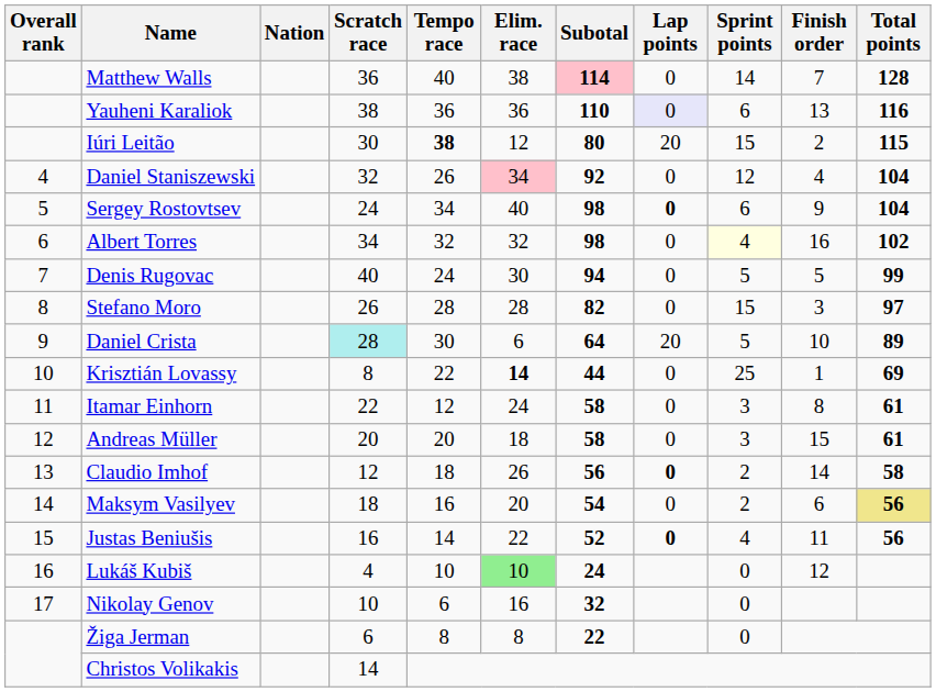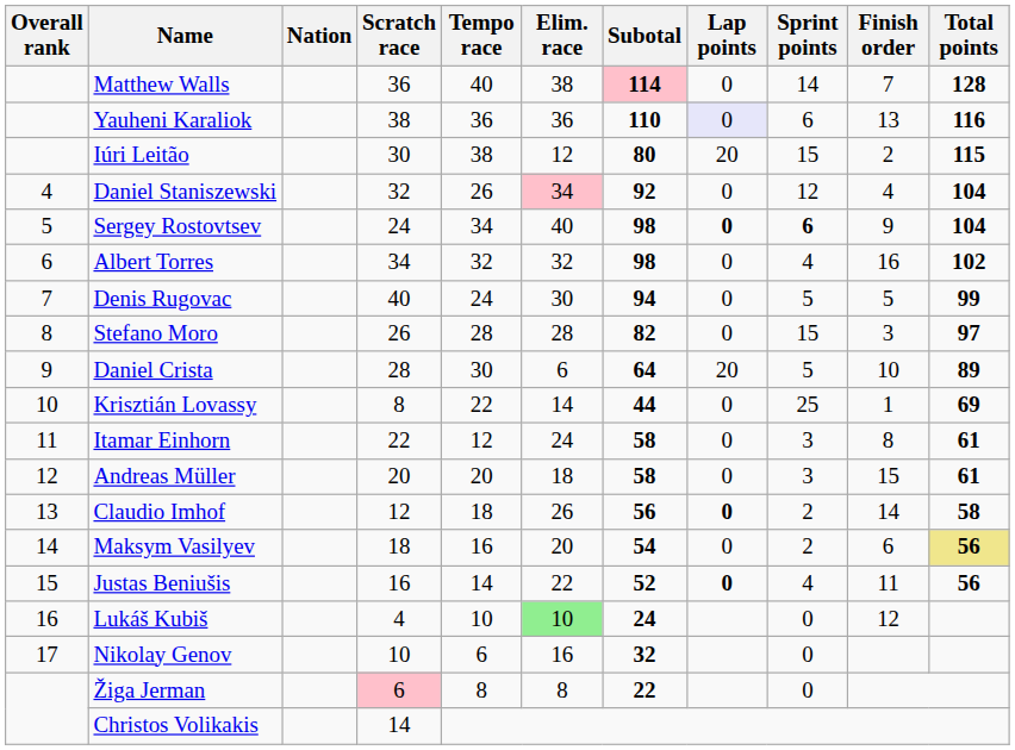 <table class="wikitable sortable" style="text-align:center">
 <tr>
 <th width=50>Overall rank</th>
 <th>Name</th>
 <th>Nation</th>
 <th width=50>Scratch race</th>
 <th width=50>Tempo race</th>
 <th width=50>Elim. race</th>
 <th width=50>Subotal</th>
 <th width=50>Lap points</th>
 <th width=50>Sprint points</th>
 <th width=50>Finish order</th>
 <th width=50>Total points</th>
 </tr>
 <tr>
 <td></td>
 <td align=left><a href='#'>Matthew Walls</a></td>
 <td align=left></td>
 <td>36</td>
 <td>40</td>
 <td>38</td>
 <td style="background: pink;"><strong>114</strong></td>
 <td>0</td>
 <td>14</td>
 <td>7</td>
 <td><strong>128</strong></td>
 </tr>
 <tr>
 <td></td>
 <td align=left><a href='#'>Yauheni Karaliok</a></td>
 <td align=left></td>
 <td>38</td>
 <td>36</td>
 <td>36</td>
 <td><strong>110</strong></td>
 <td style="background: lavender;">0</td>
 <td>6</td>
 <td>13</td>
 <td><strong>116</strong></td>
 </tr>
 <tr>
 <td></td>
 <td align=left><a href='#'>Iúri Leitão</a></td>
 <td align=left></td>
 <td>30</td>
-<td><strong>38</strong></td>
+<td>38</td>
 <td>12</td>
 <td><strong>80</strong></td>
 <td>20</td>
 <td>15</td>
 <td>2</td>
 <td><strong>115</strong></td>
 </tr>
 <tr>
 <td>4</td>
 <td align=left><a href='#'>Daniel Staniszewski</a></td>
 <td align=left></td>
 <td>32</td>
 <td>26</td>
 <td style="background: pink;">34</td>
 <td><strong>92</strong></td>
 <td>0</td>
 <td>12</td>
 <td>4</td>
 <td><strong>104</strong></td>
 </tr>
 <tr>
 <td>5</td>
 <td align=left><a href='#'>Sergey Rostovtsev</a></td>
 <td align=left></td>
 <td>24</td>
 <td>34</td>
 <td>40</td>
 <td><strong>98</strong></td>
 <td><strong>0</strong></td>
-<td>6</td>
+<td><strong>6</strong></td>
 <td>9</td>
 <td><strong>104</strong></td>
 </tr>
 <tr>
 <td>6</td>
 <td align=left><a href='#'>Albert Torres</a></td>
 <td align=left></td>
 <td>34</td>
 <td>32</td>
 <td>32</td>
 <td><strong>98</strong></td>
 <td>0</td>
-<td style="background: lightyellow;">4</td>
+<td>4</td>
 <td>16</td>
 <td><strong>102</strong></td>
 </tr>
 <tr>
 <td>7</td>
 <td align=left><a href='#'>Denis Rugovac</a></td>
 <td align=left></td>
 <td>40</td>
 <td>24</td>
 <td>30</td>
 <td><strong>94</strong></td>
 <td>0</td>
 <td>5</td>
 <td>5</td>
 <td><strong>99</strong></td>
 </tr>
 <tr>
 <td>8</td>
 <td align=left><a href='#'>Stefano Moro</a></td>
 <td align=left></td>
 <td>26</td>
 <td>28</td>
 <td>28</td>
 <td><strong>82</strong></td>
 <td>0</td>
 <td>15</td>
 <td>3</td>
 <td><strong>97</strong></td>
 </tr>
 <tr>
 <td>9</td>
 <td align=left><a href='#'>Daniel Crista</a></td>
 <td align=left></td>
-<td style="background: paleturquoise;">28</td>
+<td>28</td>
 <td>30</td>
 <td>6</td>
 <td><strong>64</strong></td>
 <td>20</td>
 <td>5</td>
 <td>10</td>
 <td><strong>89</strong></td>
 </tr>
 <tr>
 <td>10</td>
 <td align=left><a href='#'>Krisztián Lovassy</a></td>
 <td align=left></td>
 <td>8</td>
 <td>22</td>
-<td><strong>14</strong></td>
+<td>14</td>
 <td><strong>44</strong></td>
 <td>0</td>
 <td>25</td>
 <td>1</td>
 <td><strong>69</strong></td>
 </tr>
 <tr>
 <td>11</td>
 <td align=left><a href='#'>Itamar Einhorn</a></td>
 <td align=left></td>
 <td>22</td>
 <td>12</td>
 <td>24</td>
 <td><strong>58</strong></td>
 <td>0</td>
 <td>3</td>
 <td>8</td>
 <td><strong>61</strong></td>
 </tr>
 <tr>
 <td>12</td>
 <td align=left><a href='#'>Andreas Müller</a></td>
 <td align=left></td>
 <td>20</td>
 <td>20</td>
 <td>18</td>
 <td><strong>58</strong></td>
 <td>0</td>
 <td>3</td>
 <td>15</td>
 <td><strong>61</strong></td>
 </tr>
 <tr>
 <td>13</td>
 <td align=left><a href='#'>Claudio Imhof</a></td>
 <td align=left></td>
 <td>12</td>
 <td>18</td>
 <td>26</td>
 <td><strong>56</strong></td>
 <td><strong>0</strong></td>
 <td>2</td>
 <td>14</td>
 <td><strong>58</strong></td>
 </tr>
 <tr>
 <td>14</td>
 <td align=left><a href='#'>Maksym Vasilyev</a></td>
 <td align=left></td>
 <td>18</td>
 <td>16</td>
 <td>20</td>
 <td><strong>54</strong></td>
 <td>0</td>
 <td>2</td>
 <td>6</td>
 <td style="background: khaki;"><strong>56</strong></td>
 </tr>
 <tr>
 <td>15</td>
 <td align=left><a href='#'>Justas Beniušis</a></td>
 <td align=left></td>
 <td>16</td>
 <td>14</td>
 <td>22</td>
 <td><strong>52</strong></td>
 <td><strong>0</strong></td>
 <td>4</td>
 <td>11</td>
 <td><strong>56</strong></td>
 </tr>
 <tr>
 <td>16</td>
 <td align=left><a href='#'>Lukáš Kubiš</a></td>
 <td align=left></td>
 <td>4</td>
 <td>10</td>
 <td style="background: lightgreen;">10</td>
 <td><strong>24</strong></td>
 <td></td>
 <td>0</td>
 <td>12</td>
 <td><strong></strong></td>
 </tr>
 <tr>
 <td>17</td>
 <td align=left><a href='#'>Nikolay Genov</a></td>
 <td align=left></td>
 <td>10</td>
 <td>6</td>
 <td>16</td>
 <td><strong>32</strong></td>
 <td></td>
 <td>0</td>
 <td></td>
 <td><strong></strong></td>
 </tr>
 <tr>
 <td rowspan=2></td>
 <td align=left><a href='#'>Žiga Jerman</a></td>
 <td align=left></td>
-<td>6</td>
+<td style="background: pink;">6</td>
 <td>8</td>
 <td>8</td>
 <td><strong>22</strong></td>
 <td></td>
 <td>0</td>
 <td colspan=2></td>
 </tr>
 <tr>
 <td align=left><a href='#'>Christos Volikakis</a></td>
 <td align=left></td>
 <td>14</td>
 <td colspan=7></td>
 </tr>
 </table>
